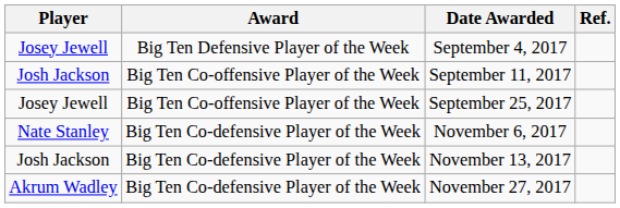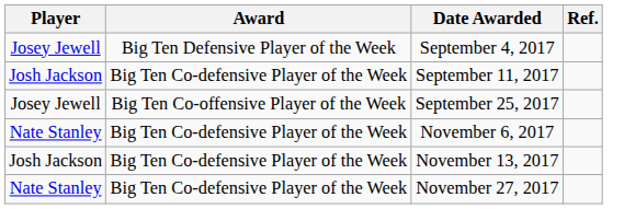 <table class="wikitable sortable sortable" style="text-align: center">
 <tr align=center>
 <th>Player</th>
 <th>Award</th>
 <th>Date Awarded</th>
 <th>Ref.</th>
 </tr>
 <tr>
 <td><a href='#'>Josey Jewell</a></td>
 <td>Big Ten Defensive Player of the Week</td>
 <td>September 4, 2017</td>
 <td></td>
 </tr>
 <tr>
 <td><a href='#'>Josh Jackson</a></td>
-<td>Big Ten Co-offensive Player of the Week</td>
+<td>Big Ten Co-defensive Player of the Week</td>
 <td>September 11, 2017</td>
 <td></td>
 </tr>
 <tr>
 <td>Josey Jewell</td>
 <td>Big Ten Co-offensive Player of the Week</td>
 <td>September 25, 2017</td>
 <td></td>
 </tr>
 <tr>
 <td><a href='#'>Nate Stanley</a></td>
 <td>Big Ten Co-defensive Player of the Week</td>
 <td>November 6, 2017</td>
 <td></td>
 </tr>
 <tr>
 <td>Josh Jackson</td>
 <td>Big Ten Co-defensive Player of the Week</td>
 <td>November 13, 2017</td>
 <td></td>
 </tr>
 <tr>
-<td><a href='#'>Akrum Wadley</a></td>
+<td><a href='#'>Nate Stanley</a></td>
 <td>Big Ten Co-defensive Player of the Week</td>
 <td>November 27, 2017</td>
 <td></td>
 </tr>
 </table>
